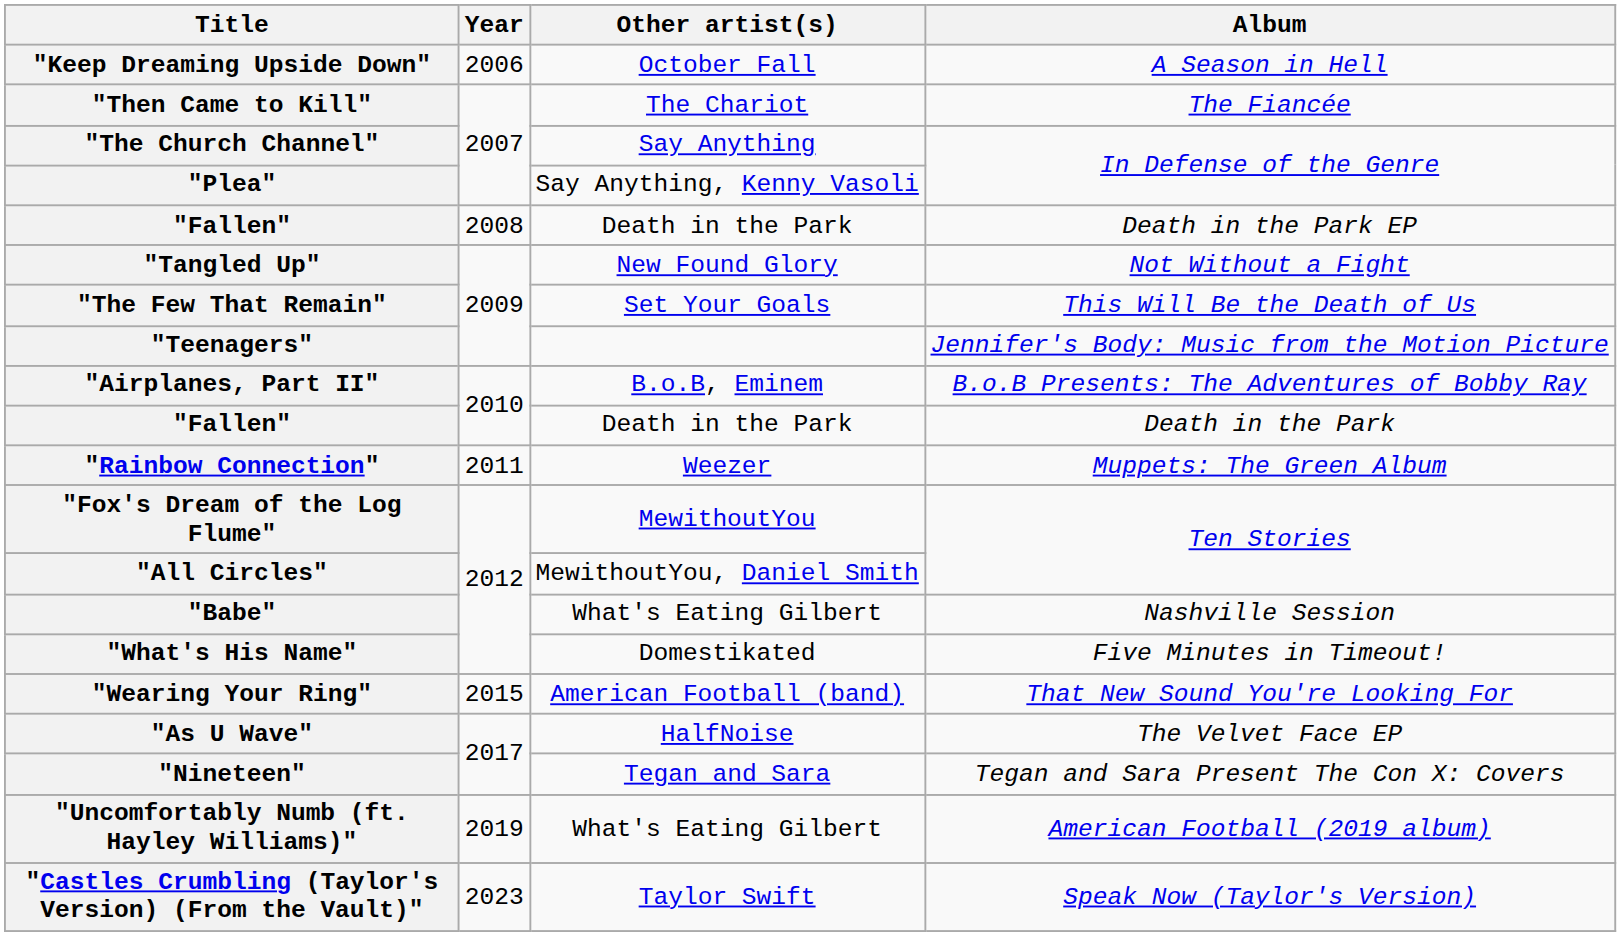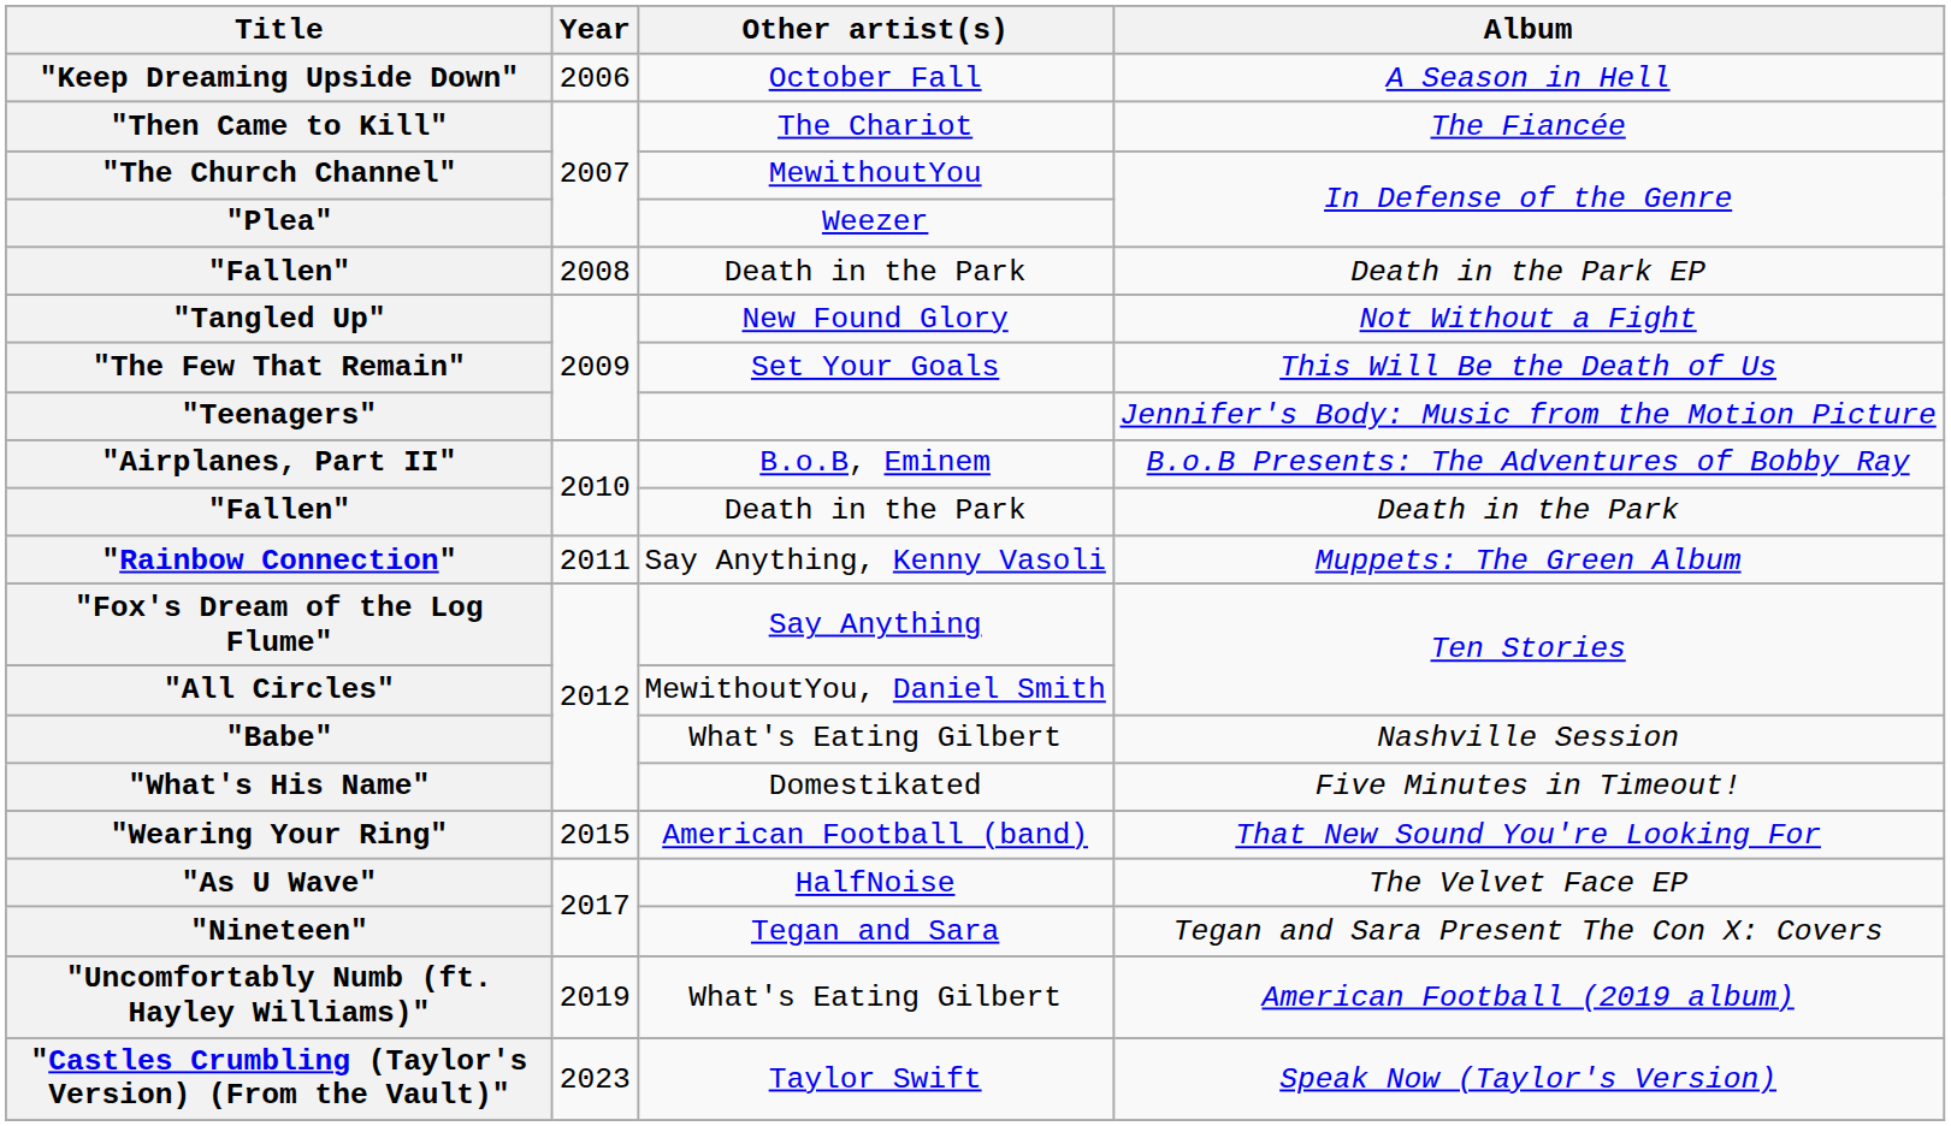 <table class="wikitable plainrowheaders" style="text-align:center;" id="singlestable">
 <tr>
 <th scope="col" style="width:18em;">Title</th>
 <th scope="col" style="width:2em;">Year</th>
 <th scope="col">Other artist(s)</th>
 <th scope="col">Album</th>
 </tr>
 <tr>
 <th scope="row">"Keep Dreaming Upside Down"</th>
 <td>2006</td>
 <td><a href='#'>October Fall</a></td>
 <td><em><a href='#'>A Season in Hell</a></em></td>
 </tr>
 <tr>
 <th scope="row">"Then Came to Kill"</th>
 <td rowspan="3">2007</td>
 <td><a href='#'>The Chariot</a></td>
 <td><em><a href='#'>The Fiancée</a></em></td>
 </tr>
 <tr>
 <th scope="row">"The Church Channel"</th>
-<td><a href='#'>Say Anything</a></td>
+<td><a href='#'>MewithoutYou</a></td>
 <td rowspan="2"><em><a href='#'>In Defense of the Genre</a></em></td>
 </tr>
 <tr>
 <th scope="row">"Plea"</th>
-<td>Say Anything, <a href='#'>Kenny Vasoli</a></td>
+<td><a href='#'>Weezer</a></td>
 </tr>
 <tr>
 <th scope="row">"Fallen"</th>
 <td>2008</td>
 <td>Death in the Park</td>
 <td><em>Death in the Park EP</em></td>
 </tr>
 <tr>
 <th scope="row">"Tangled Up"<br></th>
 <td rowspan="3">2009</td>
 <td><a href='#'>New Found Glory</a></td>
 <td><em><a href='#'>Not Without a Fight</a></em></td>
 </tr>
 <tr>
 <th scope="row">"The Few That Remain"</th>
 <td><a href='#'>Set Your Goals</a></td>
 <td><em><a href='#'>This Will Be the Death of Us</a></em></td>
 </tr>
 <tr>
 <th scope="row">"Teenagers"</th>
 <td></td>
 <td><em><a href='#'>Jennifer's Body: Music from the Motion Picture</a></em></td>
 </tr>
 <tr>
 <th scope="row">"Airplanes, Part II"</th>
 <td rowspan="2">2010</td>
 <td><a href='#'>B.o.B</a>, <a href='#'>Eminem</a></td>
 <td><em><a href='#'>B.o.B Presents: The Adventures of Bobby Ray</a></em></td>
 </tr>
 <tr>
 <th scope="row">"Fallen"</th>
 <td>Death in the Park</td>
 <td><em>Death in the Park</em></td>
 </tr>
 <tr>
 <th scope="row">"<a href='#'>Rainbow Connection</a>"</th>
 <td>2011</td>
-<td><a href='#'>Weezer</a></td>
+<td>Say Anything, <a href='#'>Kenny Vasoli</a></td>
 <td><em><a href='#'>Muppets: The Green Album</a></em></td>
 </tr>
 <tr>
 <th scope="row">"Fox's Dream of the Log Flume"</th>
 <td rowspan="4">2012</td>
-<td><a href='#'>MewithoutYou</a></td>
+<td><a href='#'>Say Anything</a></td>
 <td rowspan="2"><em><a href='#'>Ten Stories</a></em></td>
 </tr>
 <tr>
 <th scope="row">"All Circles"</th>
 <td>MewithoutYou, <a href='#'>Daniel Smith</a></td>
 </tr>
 <tr>
 <th scope="row">"Babe"</th>
 <td>What's Eating Gilbert</td>
 <td><em>Nashville Session</em></td>
 </tr>
 <tr>
 <th scope="row">"What's His Name"</th>
 <td>Domestikated</td>
 <td><em>Five Minutes in Timeout!</em></td>
 </tr>
 <tr>
 <th scope="row">"Wearing Your Ring"</th>
 <td>2015</td>
 <td><a href='#'>American Football (band)</a></td>
 <td><em><a href='#'>That New Sound You're Looking For</a></em></td>
 </tr>
 <tr>
 <th scope="row">"As U Wave"</th>
 <td rowspan="2">2017</td>
 <td><a href='#'>HalfNoise</a></td>
 <td><em>The Velvet Face EP</em></td>
 </tr>
 <tr>
 <th scope="row">"Nineteen"</th>
 <td><a href='#'>Tegan and Sara</a></td>
 <td><em>Tegan and Sara Present The Con X: Covers</em></td>
 </tr>
 <tr>
 <th scope="row">"Uncomfortably Numb (ft. Hayley Williams)"</th>
 <td>2019</td>
 <td>What's Eating Gilbert</td>
 <td><em><a href='#'>American Football (2019 album)</a></em></td>
 </tr>
 <tr>
 <th scope="row">"<a href='#'>Castles Crumbling</a> (Taylor's Version) (From the Vault)"</th>
 <td>2023</td>
 <td><a href='#'>Taylor Swift</a></td>
 <td><em><a href='#'>Speak Now (Taylor's Version)</a></em></td>
 </tr>
 </table>
